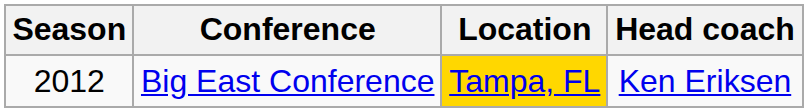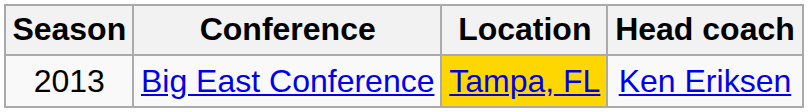 <table class="wikitable sortable" style="text-align:center;">
 <tr>
 <th style="text-align:center;">Season</th>
 <th style="text-align:center;">Conference</th>
 <th style="text-align:center;">Location</th>
 <th style="text-align:center;">Head coach</th>
 </tr>
 <tr>
-<td>2012</td>
+<td>2013</td>
 <td><a href='#'>Big East Conference</a></td>
 <td style="background: gold;"><a href='#'>Tampa, FL</a></td>
 <td><a href='#'>Ken Eriksen</a></td>
 </tr>
 </table>
